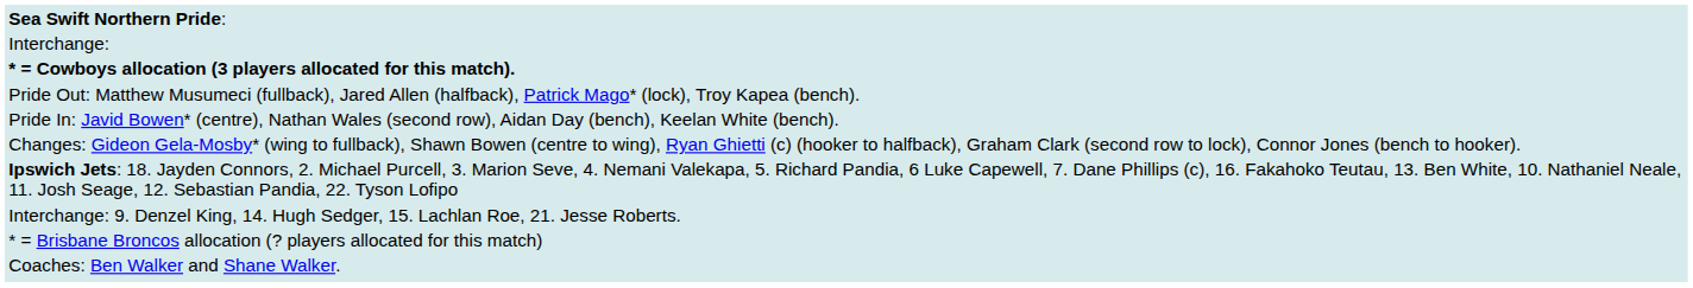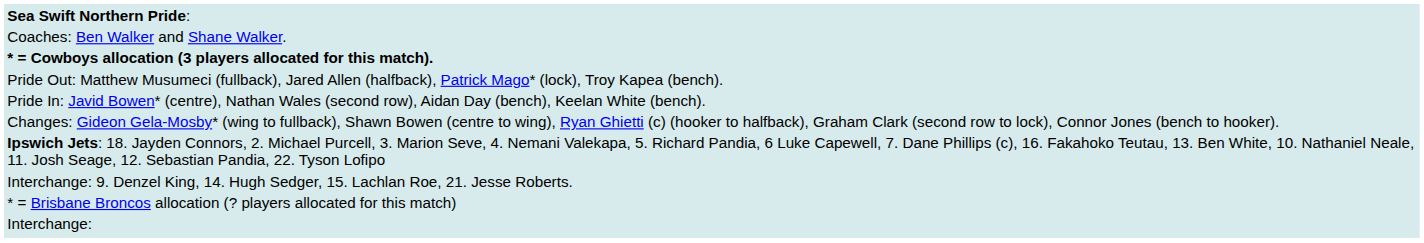 <table style="background:#d7ebed; font-size:85%; width:100%;">
 <tr>
 <td><strong>Sea Swift Northern Pride</strong>:             </td>
 </tr>
 <tr>
-<td>Interchange:    </td>
+<td>Coaches: <a href='#'>Ben Walker</a> and <a href='#'>Shane Walker</a>.</td>
 </tr>
 <tr>
 <td><strong>* = Cowboys allocation (3 players allocated for this match).</strong></td>
 </tr>
 <tr>
 <td>Pride Out: Matthew Musumeci (fullback), Jared Allen (halfback), <a href='#'>Patrick Mago</a>* (lock), Troy Kapea (bench).</td>
 </tr>
 <tr>
 <td>Pride In: <a href='#'>Javid Bowen</a>* (centre), Nathan Wales (second row), Aidan Day (bench), Keelan White (bench).</td>
 </tr>
 <tr>
 <td>Changes: <a href='#'>Gideon Gela-Mosby</a>* (wing to fullback), Shawn Bowen (centre to wing), <a href='#'>Ryan Ghietti</a> (c) (hooker to halfback), Graham Clark (second row to lock), Connor Jones (bench to hooker).</td>
 </tr>
 <tr>
 <td><strong>Ipswich Jets</strong>: 18. Jayden Connors, 2. Michael Purcell, 3. Marion Seve, 4. Nemani Valekapa, 5. Richard Pandia, 6 Luke Capewell, 7. Dane Phillips (c), 16. Fakahoko Teutau, 13. Ben White, 10. Nathaniel Neale, 11. Josh Seage, 12. Sebastian Pandia, 22. Tyson Lofipo</td>
 </tr>
 <tr>
 <td>Interchange: 9. Denzel King, 14. Hugh Sedger, 15. Lachlan Roe, 21. Jesse Roberts.</td>
 </tr>
 <tr>
 <td>* = <a href='#'>Brisbane Broncos</a> allocation (? players allocated for this match)</td>
 </tr>
 <tr>
-<td>Coaches: <a href='#'>Ben Walker</a> and <a href='#'>Shane Walker</a>.</td>
+<td>Interchange:    </td>
 </tr>
 <tr>
 </tr>
 </table>
